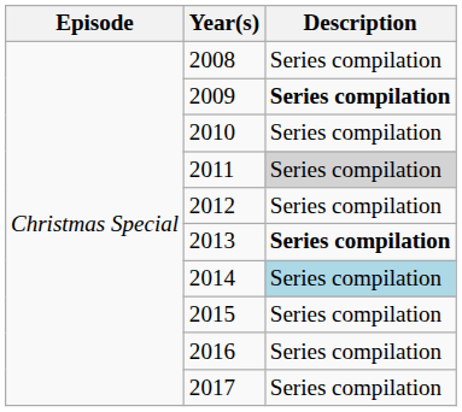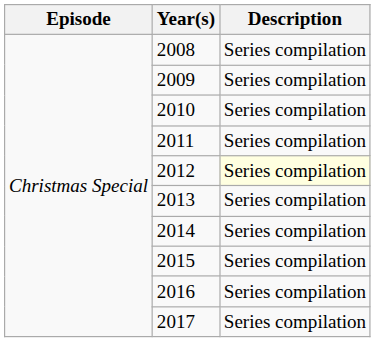 <table class="wikitable sortable">
 <tr>
 <th>Episode</th>
 <th>Year(s)</th>
 <th>Description</th>
 </tr>
 <tr>
 <td rowspan=10><em>Christmas Special</em></td>
 <td>2008</td>
 <td>Series compilation</td>
 </tr>
 <tr>
 <td>2009</td>
-<td><strong>Series compilation</strong></td>
+<td>Series compilation</td>
 </tr>
 <tr>
 <td>2010</td>
 <td>Series compilation</td>
 </tr>
 <tr>
 <td>2011</td>
-<td style="background: lightgrey;">Series compilation</td>
+<td>Series compilation</td>
 </tr>
 <tr>
 <td>2012</td>
+<td style="background: lightyellow;">Series compilation</td>
+</tr>
+<tr>
+<td>2013</td>
 <td>Series compilation</td>
 </tr>
 <tr>
-<td>2013</td>
-<td><strong>Series compilation</strong></td>
-</tr>
-<tr>
 <td>2014</td>
-<td style="background: lightblue;">Series compilation</td>
+<td>Series compilation</td>
 </tr>
 <tr>
 <td>2015</td>
 <td>Series compilation</td>
 </tr>
 <tr>
 <td>2016</td>
 <td>Series compilation</td>
 </tr>
 <tr>
 <td>2017</td>
 <td>Series compilation</td>
 </tr>
 </table>
